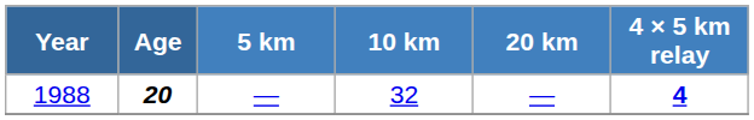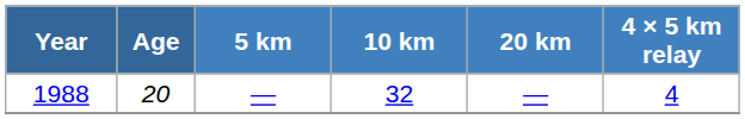 <table class="wikitable" style="font-size:95%; text-align:center; border:grey solid 1px; border-collapse:collapse; background:#ffffff;">
 <tr>
 <th style="background-color:#369; color:white; width:60px;"> Year </th>
 <th style="background-color:#369; color:white; width:40px;"> Age </th>
 <th style="background-color:#4180be; color:white; width:75px;"> 5 km </th>
 <th style="background-color:#4180be; color:white; width:75px;"> 10 km </th>
 <th style="background-color:#4180be; color:white; width:75px;"> 20 km </th>
 <th style="background-color:#4180be; color:white; width:75px;"> 4 × 5 km <br> relay </th>
 </tr>
 <tr>
 <td><a href='#'>1988</a></td>
-<td><strong><em>20</em></strong></td>
+<td><em>20</em></td>
 <td><a href='#'>—</a></td>
 <td><a href='#'>32</a></td>
 <td><a href='#'>—</a></td>
-<td><strong><a href='#'>4</a></strong></td>
+<td><a href='#'>4</a></td>
 </tr>
 <tr>
 </tr>
 </table>
